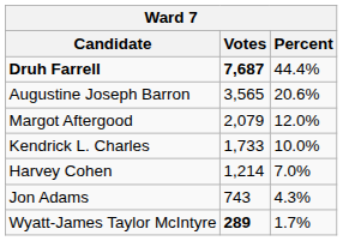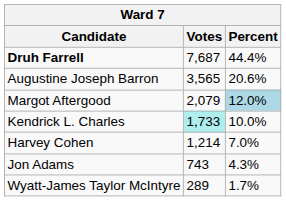 <table class="wikitable">
 <tr>
 <th colspan="3">Ward 7</th>
 </tr>
 <tr>
 <th>Candidate</th>
 <th>Votes</th>
 <th>Percent</th>
 </tr>
 <tr>
 <td><strong>Druh Farrell</strong></td>
-<td><strong>7,687</strong></td>
+<td>7,687</td>
 <td>44.4%</td>
 </tr>
 <tr>
 <td>Augustine Joseph Barron</td>
 <td>3,565</td>
 <td>20.6%</td>
 </tr>
 <tr>
 <td>Margot Aftergood</td>
 <td>2,079</td>
-<td>12.0%</td>
+<td style="background: lightblue;">12.0%</td>
 </tr>
 <tr>
 <td>Kendrick L. Charles</td>
-<td>1,733</td>
+<td style="background: paleturquoise;">1,733</td>
 <td>10.0%</td>
 </tr>
 <tr>
 <td>Harvey Cohen</td>
 <td>1,214</td>
 <td>7.0%</td>
 </tr>
 <tr>
 <td>Jon Adams</td>
 <td>743</td>
 <td>4.3%</td>
 </tr>
 <tr>
 <td>Wyatt-James Taylor McIntyre</td>
-<td><strong>289</strong></td>
+<td>289</td>
 <td>1.7%</td>
 </tr>
 </table>
